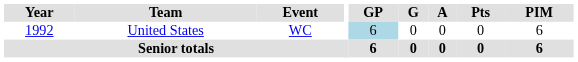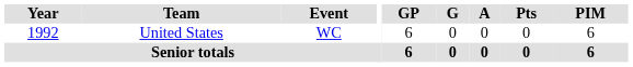 <table border="0" cellpadding="1" cellspacing="0" ID="Table3" style="text-align:center; width:40em">
 <tr bgcolor="#e0e0e0">
 <th>Year</th>
 <th>Team</th>
 <th>Event</th>
 <th rowspan="102" bgcolor="#ffffff"></th>
 <th>GP</th>
 <th>G</th>
 <th>A</th>
 <th>Pts</th>
 <th>PIM</th>
 </tr>
 <tr>
 <td><a href='#'>1992</a></td>
 <td><a href='#'>United States</a></td>
 <td><a href='#'>WC</a></td>
-<td style="background: lightblue;">6</td>
+<td>6</td>
 <td>0</td>
 <td>0</td>
 <td>0</td>
 <td>6</td>
 </tr>
 <tr bgcolor="#e0e0e0">
 <th colspan="4">Senior totals</th>
 <th>6</th>
 <th>0</th>
 <th>0</th>
 <th>0</th>
 <th>6</th>
 </tr>
 </table>
